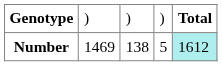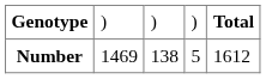 <table border=1 cellpadding=5 style="border-collapse:collapse;" align=center>
 <tr>
 <th>Genotype</th>
 <td>)</td>
 <td>)</td>
 <td>)</td>
 <th>Total</th>
 </tr>
 <tr>
 <th>Number</th>
 <td>1469</td>
 <td>138</td>
 <td>5</td>
-<td style="background: paleturquoise;">1612</td>
+<td>1612</td>
 </tr>
 </table>
